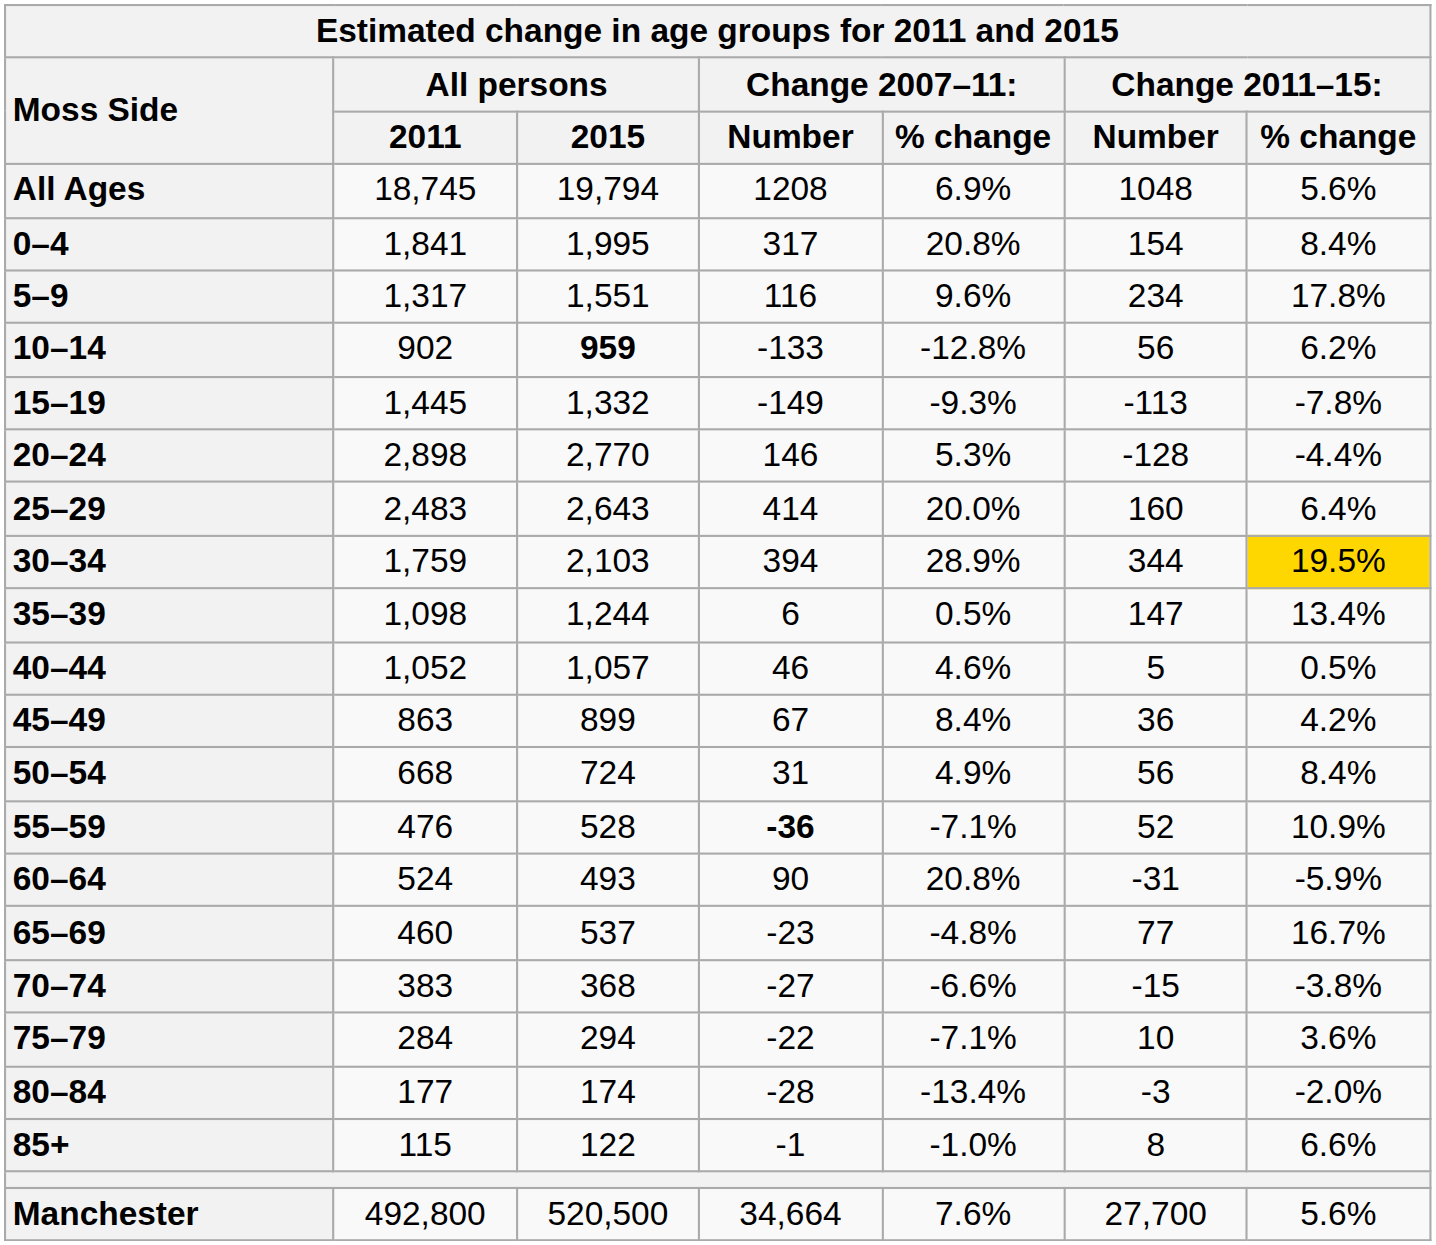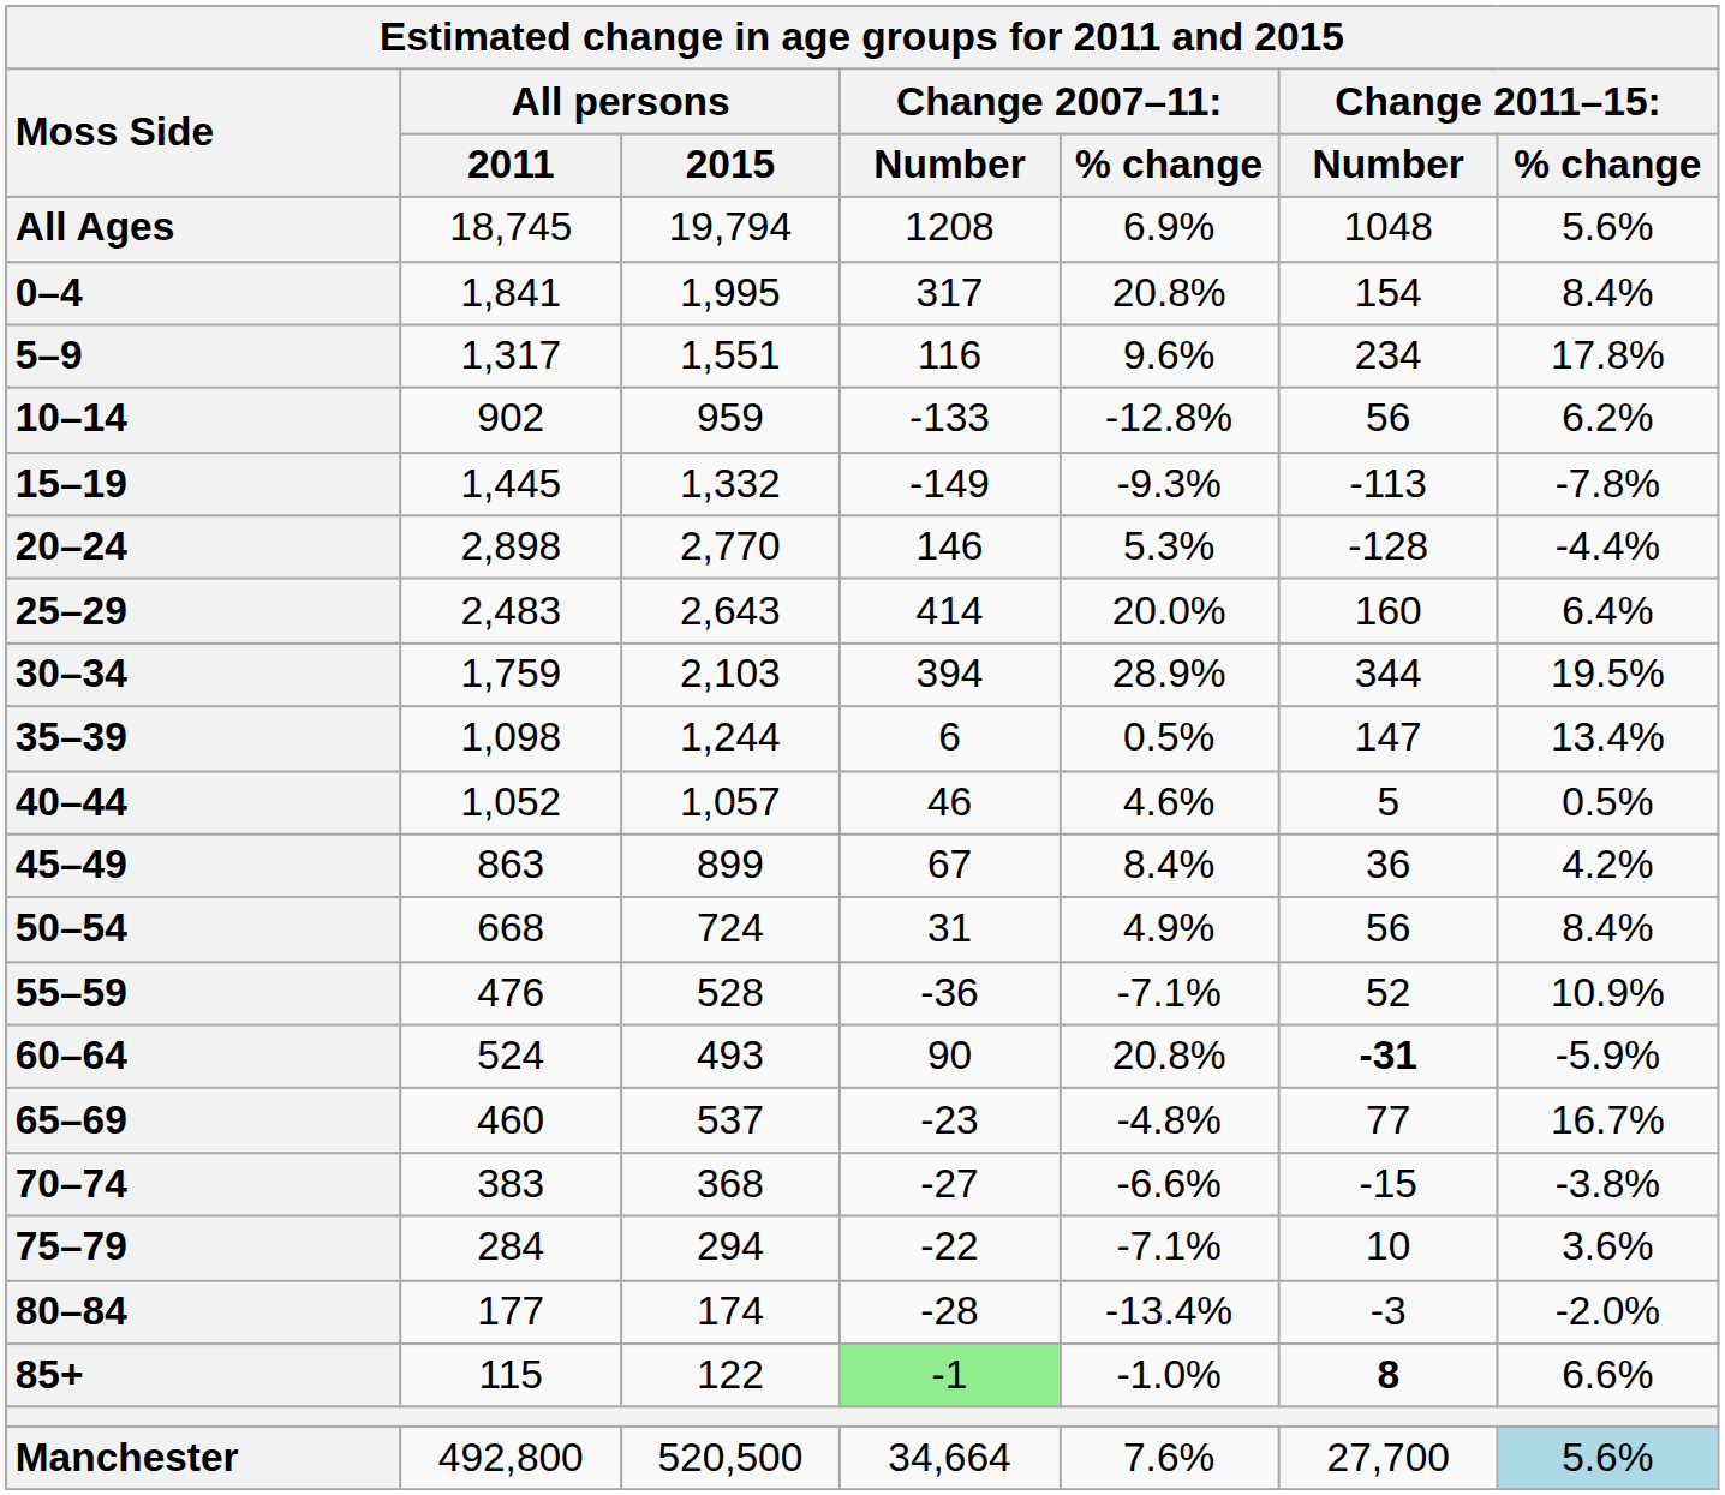 <table class="wikitable">
 <tr>
 <th colspan=7>Estimated change in age groups for 2011 and 2015</th>
 </tr>
 <tr>
 <th rowspan="2" style="width:150px; text-align:left;">Moss Side</th>
 <th colspan=2>All persons</th>
 <th colspan=2>Change 2007–11:</th>
 <th colspan=2>Change 2011–15:</th>
 </tr>
 <tr>
 <th width="80">2011</th>
 <th width="80">2015</th>
 <th width="80">Number</th>
 <th width="80">% change</th>
 <th width="80">Number</th>
 <th width="80">% change</th>
 </tr>
 <tr>
 <th style="text-align: left;"><strong>All Ages</strong></th>
 <td style="text-align:center;">18,745</td>
 <td style="text-align:center;">19,794</td>
 <td style="text-align:center;">1208</td>
 <td style="text-align:center;">6.9%</td>
 <td style="text-align:center;">1048</td>
 <td style="text-align:center;">5.6%</td>
 </tr>
 <tr>
 <th style="text-align: left;">0–4</th>
 <td style="text-align:center;">1,841</td>
 <td style="text-align:center;">1,995</td>
 <td style="text-align:center;">317</td>
 <td style="text-align:center;">20.8%</td>
 <td style="text-align:center;">154</td>
 <td style="text-align:center;">8.4%</td>
 </tr>
 <tr>
 <th style="text-align: left;">5–9</th>
 <td style="text-align:center;">1,317</td>
 <td style="text-align:center;">1,551</td>
 <td style="text-align:center;">116</td>
 <td style="text-align:center;">9.6%</td>
 <td style="text-align:center;">234</td>
 <td style="text-align:center;">17.8%</td>
 </tr>
 <tr>
 <th style="text-align: left;">10–14</th>
 <td style="text-align:center;">902</td>
-<td style="text-align:center;"><strong>959</strong></td>
+<td style="text-align:center;">959</td>
 <td style="text-align:center;">-133</td>
 <td style="text-align:center;">-12.8%</td>
 <td style="text-align:center;">56</td>
 <td style="text-align:center;">6.2%</td>
 </tr>
 <tr>
 <th style="text-align: left;">15–19</th>
 <td style="text-align:center;">1,445</td>
 <td style="text-align:center;">1,332</td>
 <td style="text-align:center;">-149</td>
 <td style="text-align:center;">-9.3%</td>
 <td style="text-align:center;">-113</td>
 <td style="text-align:center;">-7.8%</td>
 </tr>
 <tr>
 <th style="text-align: left;">20–24</th>
 <td style="text-align:center;">2,898</td>
 <td style="text-align:center;">2,770</td>
 <td style="text-align:center;">146</td>
 <td style="text-align:center;">5.3%</td>
 <td style="text-align:center;">-128</td>
 <td style="text-align:center;">-4.4%</td>
 </tr>
 <tr>
 <th style="text-align: left;">25–29</th>
 <td style="text-align:center;">2,483</td>
 <td style="text-align:center;">2,643</td>
 <td style="text-align:center;">414</td>
 <td style="text-align:center;">20.0%</td>
 <td style="text-align:center;">160</td>
 <td style="text-align:center;">6.4%</td>
 </tr>
 <tr>
 <th style="text-align: left;">30–34</th>
 <td style="text-align:center;">1,759</td>
 <td style="text-align:center;">2,103</td>
 <td style="text-align:center;">394</td>
 <td style="text-align:center;">28.9%</td>
 <td style="text-align:center;">344</td>
-<td style="background: gold; text-align:center;">19.5%</td>
+<td style="text-align:center;">19.5%</td>
 </tr>
 <tr>
 <th style="text-align: left;">35–39</th>
 <td style="text-align:center;">1,098</td>
 <td style="text-align:center;">1,244</td>
 <td style="text-align:center;">6</td>
 <td style="text-align:center;">0.5%</td>
 <td style="text-align:center;">147</td>
 <td style="text-align:center;">13.4%</td>
 </tr>
 <tr>
 <th style="text-align: left;">40–44</th>
 <td style="text-align:center;">1,052</td>
 <td style="text-align:center;">1,057</td>
 <td style="text-align:center;">46</td>
 <td style="text-align:center;">4.6%</td>
 <td style="text-align:center;">5</td>
 <td style="text-align:center;">0.5%</td>
 </tr>
 <tr>
 <th style="text-align: left;">45–49</th>
 <td style="text-align:center;">863</td>
 <td style="text-align:center;">899</td>
 <td style="text-align:center;">67</td>
 <td style="text-align:center;">8.4%</td>
 <td style="text-align:center;">36</td>
 <td style="text-align:center;">4.2%</td>
 </tr>
 <tr>
 <th style="text-align: left;">50–54</th>
 <td style="text-align:center;">668</td>
 <td style="text-align:center;">724</td>
 <td style="text-align:center;">31</td>
 <td style="text-align:center;">4.9%</td>
 <td style="text-align:center;">56</td>
 <td style="text-align:center;">8.4%</td>
 </tr>
 <tr>
 <th style="text-align: left;">55–59</th>
 <td style="text-align:center;">476</td>
 <td style="text-align:center;">528</td>
-<td style="text-align:center;"><strong>-36</strong></td>
+<td style="text-align:center;">-36</td>
 <td style="text-align:center;">-7.1%</td>
 <td style="text-align:center;">52</td>
 <td style="text-align:center;">10.9%</td>
 </tr>
 <tr>
 <th style="text-align: left;">60–64</th>
 <td style="text-align:center;">524</td>
 <td style="text-align:center;">493</td>
 <td style="text-align:center;">90</td>
 <td style="text-align:center;">20.8%</td>
-<td style="text-align:center;">-31</td>
+<td style="text-align:center;"><strong>-31</strong></td>
 <td style="text-align:center;">-5.9%</td>
 </tr>
 <tr>
 <th style="text-align: left;">65–69</th>
 <td style="text-align:center;">460</td>
 <td style="text-align:center;">537</td>
 <td style="text-align:center;">-23</td>
 <td style="text-align:center;">-4.8%</td>
 <td style="text-align:center;">77</td>
 <td style="text-align:center;">16.7%</td>
 </tr>
 <tr>
 <th style="text-align: left;">70–74</th>
 <td style="text-align:center;">383</td>
 <td style="text-align:center;">368</td>
 <td style="text-align:center;">-27</td>
 <td style="text-align:center;">-6.6%</td>
 <td style="text-align:center;">-15</td>
 <td style="text-align:center;">-3.8%</td>
 </tr>
 <tr>
 <th style="text-align: left;">75–79</th>
 <td style="text-align:center;">284</td>
 <td style="text-align:center;">294</td>
 <td style="text-align:center;">-22</td>
 <td style="text-align:center;">-7.1%</td>
 <td style="text-align:center;">10</td>
 <td style="text-align:center;">3.6%</td>
 </tr>
 <tr>
 <th style="text-align: left;">80–84</th>
 <td style="text-align:center;">177</td>
 <td style="text-align:center;">174</td>
 <td style="text-align:center;">-28</td>
 <td style="text-align:center;">-13.4%</td>
 <td style="text-align:center;">-3</td>
 <td style="text-align:center;">-2.0%</td>
 </tr>
 <tr>
 <th style="text-align: left;">85+</th>
 <td style="text-align:center;">115</td>
 <td style="text-align:center;">122</td>
-<td style="text-align:center;">-1</td>
+<td style="background: lightgreen; text-align:center;">-1</td>
 <td style="text-align:center;">-1.0%</td>
-<td style="text-align:center;">8</td>
+<td style="text-align:center;"><strong>8</strong></td>
 <td style="text-align:center;">6.6%</td>
 </tr>
 <tr>
 <th colspan=7></th>
 </tr>
 <tr>
 <th style="text-align: left;">Manchester</th>
 <td style="text-align:center;">492,800</td>
 <td style="text-align:center;">520,500</td>
 <td style="text-align:center;">34,664</td>
 <td style="text-align:center;">7.6%</td>
 <td style="text-align:center;">27,700</td>
-<td style="text-align:center;">5.6%</td>
+<td style="background: lightblue; text-align:center;">5.6%</td>
 </tr>
 </table>
